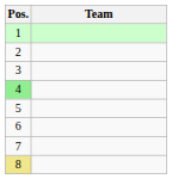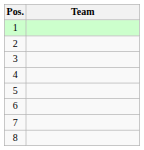 <table class="wikitable">
 <tr>
 <th>Pos.</th>
 <th width=175>Team</th>
 </tr>
 <tr style="background:#ccffcc">
 <td align="center">1</td>
 <td></td>
 </tr>
 <tr>
 <td align="center">2</td>
 <td></td>
 </tr>
 <tr>
 <td align="center">3</td>
 <td></td>
 </tr>
 <tr>
-<td align="center" style="background: lightgreen;">4</td>
+<td align="center">4</td>
 <td></td>
 </tr>
 <tr>
 <td align="center">5</td>
 <td></td>
 </tr>
 <tr>
 <td align="center">6</td>
 <td></td>
 </tr>
 <tr>
 <td align="center">7</td>
 <td></td>
 </tr>
 <tr>
-<td align="center" style="background: khaki;">8</td>
+<td align="center">8</td>
 <td></td>
 </tr>
 </table>
